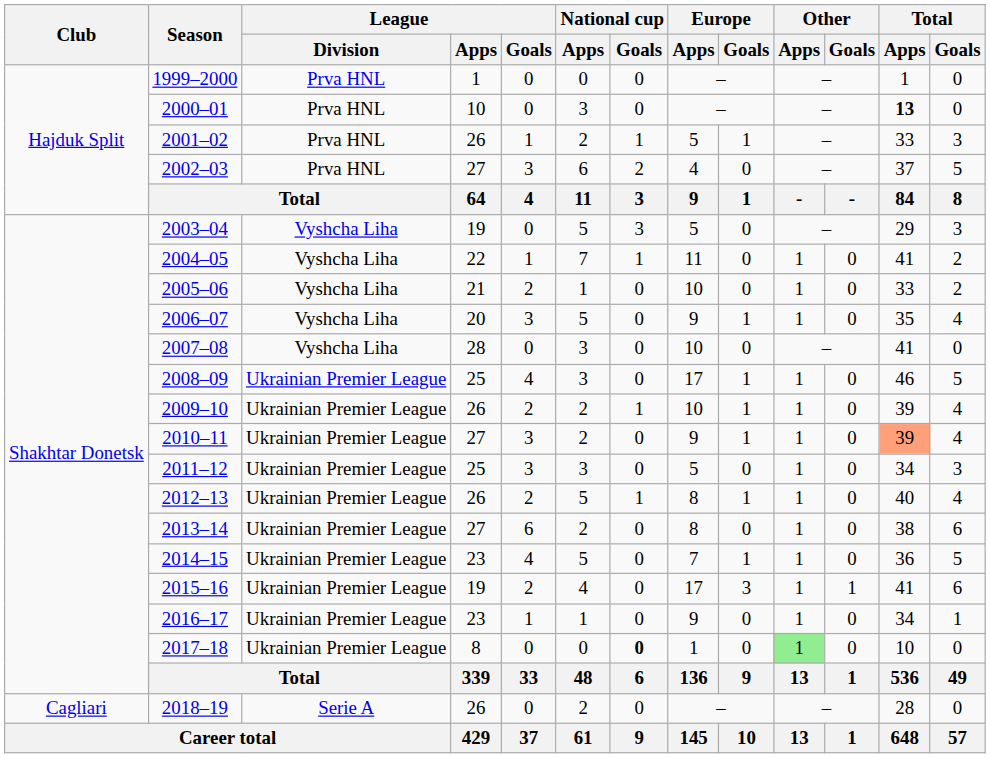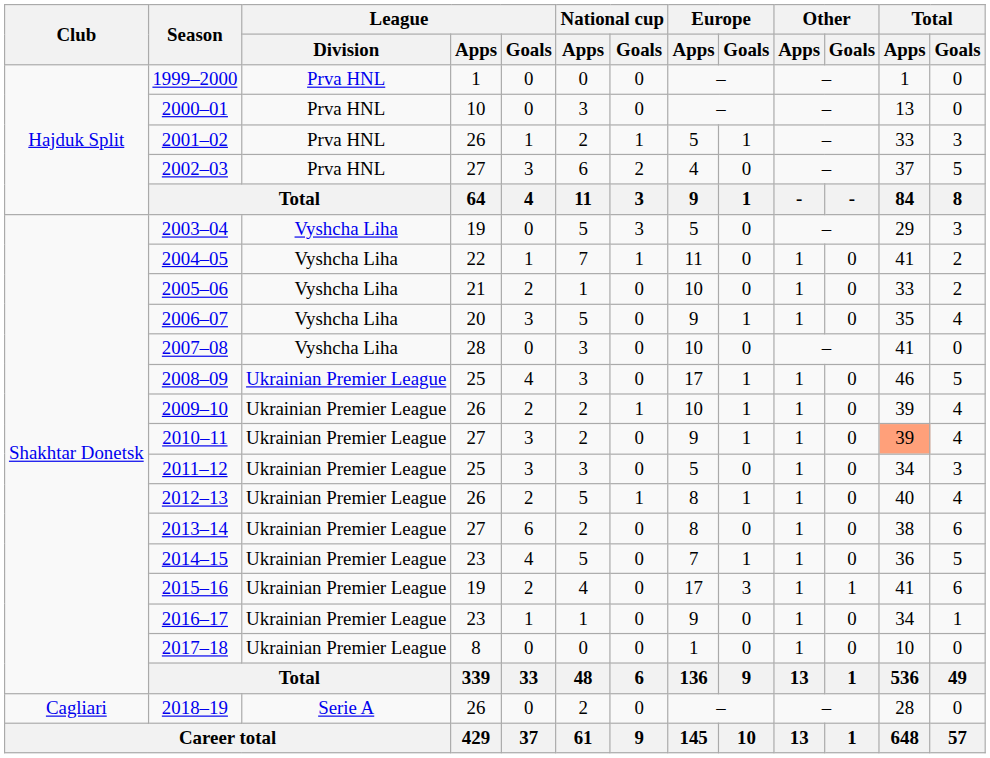 <table class="wikitable" style="text-align: center">
 <tr>
 <th rowspan="2">Club</th>
 <th rowspan="2">Season</th>
 <th colspan="3">League</th>
 <th colspan="2">National cup</th>
 <th colspan="2">Europe</th>
 <th colspan="2">Other</th>
 <th colspan="2">Total</th>
 </tr>
 <tr>
 <th>Division</th>
 <th>Apps</th>
 <th>Goals</th>
 <th>Apps</th>
 <th>Goals</th>
 <th>Apps</th>
 <th>Goals</th>
 <th>Apps</th>
 <th>Goals</th>
 <th>Apps</th>
 <th>Goals</th>
 </tr>
 <tr>
 <td rowspan="5"><a href='#'>Hajduk Split</a></td>
 <td><a href='#'>1999–2000</a></td>
 <td><a href='#'>Prva HNL</a></td>
 <td>1</td>
 <td>0</td>
 <td>0</td>
 <td>0</td>
 <td colspan=2>–</td>
 <td colspan=2>–</td>
 <td>1</td>
 <td>0</td>
 </tr>
 <tr>
 <td><a href='#'>2000–01</a></td>
 <td>Prva HNL</td>
 <td>10</td>
 <td>0</td>
 <td>3</td>
 <td>0</td>
 <td colspan=2>–</td>
 <td colspan=2>–</td>
-<td><strong>13</strong></td>
+<td>13</td>
 <td>0</td>
 </tr>
 <tr>
 <td><a href='#'>2001–02</a></td>
 <td>Prva HNL</td>
 <td>26</td>
 <td>1</td>
 <td>2</td>
 <td>1</td>
 <td>5</td>
 <td>1</td>
 <td colspan=2>–</td>
 <td>33</td>
 <td>3</td>
 </tr>
 <tr>
 <td><a href='#'>2002–03</a></td>
 <td>Prva HNL</td>
 <td>27</td>
 <td>3</td>
 <td>6</td>
 <td>2</td>
 <td>4</td>
 <td>0</td>
 <td colspan=2>–</td>
 <td>37</td>
 <td>5</td>
 </tr>
 <tr>
 <th colspan="2">Total</th>
 <th>64</th>
 <th>4</th>
 <th>11</th>
 <th>3</th>
 <th>9</th>
 <th>1</th>
 <th>-</th>
 <th>-</th>
 <th>84</th>
 <th>8</th>
 </tr>
 <tr>
 <td rowspan="16"><a href='#'>Shakhtar Donetsk</a></td>
 <td><a href='#'>2003–04</a></td>
 <td><a href='#'>Vyshcha Liha</a></td>
 <td>19</td>
 <td>0</td>
 <td>5</td>
 <td>3</td>
 <td>5</td>
 <td>0</td>
 <td colspan=2>–</td>
 <td>29</td>
 <td>3</td>
 </tr>
 <tr>
 <td><a href='#'>2004–05</a></td>
 <td>Vyshcha Liha</td>
 <td>22</td>
 <td>1</td>
 <td>7</td>
 <td>1</td>
 <td>11</td>
 <td>0</td>
 <td>1</td>
 <td>0</td>
 <td>41</td>
 <td>2</td>
 </tr>
 <tr>
 <td><a href='#'>2005–06</a></td>
 <td>Vyshcha Liha</td>
 <td>21</td>
 <td>2</td>
 <td>1</td>
 <td>0</td>
 <td>10</td>
 <td>0</td>
 <td>1</td>
 <td>0</td>
 <td>33</td>
 <td>2</td>
 </tr>
 <tr>
 <td><a href='#'>2006–07</a></td>
 <td>Vyshcha Liha</td>
 <td>20</td>
 <td>3</td>
 <td>5</td>
 <td>0</td>
 <td>9</td>
 <td>1</td>
 <td>1</td>
 <td>0</td>
 <td>35</td>
 <td>4</td>
 </tr>
 <tr>
 <td><a href='#'>2007–08</a></td>
 <td>Vyshcha Liha</td>
 <td>28</td>
 <td>0</td>
 <td>3</td>
 <td>0</td>
 <td>10</td>
 <td>0</td>
 <td colspan=2>–</td>
 <td>41</td>
 <td>0</td>
 </tr>
 <tr>
 <td><a href='#'>2008–09</a></td>
 <td><a href='#'>Ukrainian Premier League</a></td>
 <td>25</td>
 <td>4</td>
 <td>3</td>
 <td>0</td>
 <td>17</td>
 <td>1</td>
 <td>1</td>
 <td>0</td>
 <td>46</td>
 <td>5</td>
 </tr>
 <tr>
 <td><a href='#'>2009–10</a></td>
 <td>Ukrainian Premier League</td>
 <td>26</td>
 <td>2</td>
 <td>2</td>
 <td>1</td>
 <td>10</td>
 <td>1</td>
 <td>1</td>
 <td>0</td>
 <td>39</td>
 <td>4</td>
 </tr>
 <tr>
 <td><a href='#'>2010–11</a></td>
 <td>Ukrainian Premier League</td>
 <td>27</td>
 <td>3</td>
 <td>2</td>
 <td>0</td>
 <td>9</td>
 <td>1</td>
 <td>1</td>
 <td>0</td>
 <td style="background: lightsalmon;">39</td>
 <td>4</td>
 </tr>
 <tr>
 <td><a href='#'>2011–12</a></td>
 <td>Ukrainian Premier League</td>
 <td>25</td>
 <td>3</td>
 <td>3</td>
 <td>0</td>
 <td>5</td>
 <td>0</td>
 <td>1</td>
 <td>0</td>
 <td>34</td>
 <td>3</td>
 </tr>
 <tr>
 <td><a href='#'>2012–13</a></td>
 <td>Ukrainian Premier League</td>
 <td>26</td>
 <td>2</td>
 <td>5</td>
 <td>1</td>
 <td>8</td>
 <td>1</td>
 <td>1</td>
 <td>0</td>
 <td>40</td>
 <td>4</td>
 </tr>
 <tr>
 <td><a href='#'>2013–14</a></td>
 <td>Ukrainian Premier League</td>
 <td>27</td>
 <td>6</td>
 <td>2</td>
 <td>0</td>
 <td>8</td>
 <td>0</td>
 <td>1</td>
 <td>0</td>
 <td>38</td>
 <td>6</td>
 </tr>
 <tr>
 <td><a href='#'>2014–15</a></td>
 <td>Ukrainian Premier League</td>
 <td>23</td>
 <td>4</td>
 <td>5</td>
 <td>0</td>
 <td>7</td>
 <td>1</td>
 <td>1</td>
 <td>0</td>
 <td>36</td>
 <td>5</td>
 </tr>
 <tr>
 <td><a href='#'>2015–16</a></td>
 <td>Ukrainian Premier League</td>
 <td>19</td>
 <td>2</td>
 <td>4</td>
 <td>0</td>
 <td>17</td>
 <td>3</td>
 <td>1</td>
 <td>1</td>
 <td>41</td>
 <td>6</td>
 </tr>
 <tr>
 <td><a href='#'>2016–17</a></td>
 <td>Ukrainian Premier League</td>
 <td>23</td>
 <td>1</td>
 <td>1</td>
 <td>0</td>
 <td>9</td>
 <td>0</td>
 <td>1</td>
 <td>0</td>
 <td>34</td>
 <td>1</td>
 </tr>
 <tr>
 <td><a href='#'>2017–18</a></td>
 <td>Ukrainian Premier League</td>
 <td>8</td>
 <td>0</td>
 <td>0</td>
-<td><strong>0</strong></td>
+<td>0</td>
 <td>1</td>
 <td>0</td>
-<td style="background: lightgreen;">1</td>
+<td>1</td>
 <td>0</td>
 <td>10</td>
 <td>0</td>
 </tr>
 <tr>
 <th colspan="2">Total</th>
 <th>339</th>
 <th>33</th>
 <th>48</th>
 <th>6</th>
 <th>136</th>
 <th>9</th>
 <th>13</th>
 <th>1</th>
 <th>536</th>
 <th>49</th>
 </tr>
 <tr>
 <td><a href='#'>Cagliari</a></td>
 <td><a href='#'>2018–19</a></td>
 <td><a href='#'>Serie A</a></td>
 <td>26</td>
 <td>0</td>
 <td>2</td>
 <td>0</td>
 <td colspan=2>–</td>
 <td colspan=2>–</td>
 <td>28</td>
 <td>0</td>
 </tr>
 <tr>
 <th colspan="3">Career total</th>
 <th>429</th>
 <th>37</th>
 <th>61</th>
 <th>9</th>
 <th>145</th>
 <th>10</th>
 <th>13</th>
 <th>1</th>
 <th>648</th>
 <th>57</th>
 </tr>
 </table>
